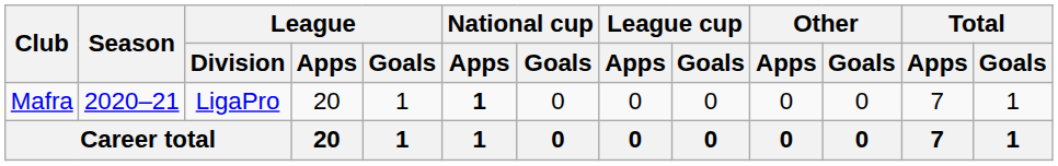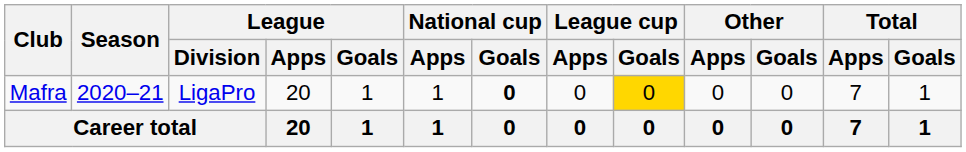 <table class="wikitable" style="text-align:center">
 <tr>
 <th rowspan="2">Club</th>
 <th rowspan="2">Season</th>
 <th colspan="3">League</th>
 <th colspan="2">National cup</th>
 <th colspan="2">League cup</th>
 <th colspan="2">Other</th>
 <th colspan="2">Total</th>
 </tr>
 <tr>
 <th>Division</th>
 <th>Apps</th>
 <th>Goals</th>
 <th>Apps</th>
 <th>Goals</th>
 <th>Apps</th>
 <th>Goals</th>
 <th>Apps</th>
 <th>Goals</th>
 <th>Apps</th>
 <th>Goals</th>
 </tr>
 <tr>
 <td><a href='#'>Mafra</a></td>
 <td><a href='#'>2020–21</a></td>
 <td><a href='#'>LigaPro</a></td>
 <td>20</td>
 <td>1</td>
-<td><strong>1</strong></td>
+<td>1</td>
+<td><strong>0</strong></td>
 <td>0</td>
-<td>0</td>
-<td>0</td>
+<td style="background: gold;">0</td>
 <td>0</td>
 <td>0</td>
 <td>7</td>
 <td>1</td>
 </tr>
 <tr>
 <th colspan="3">Career total</th>
 <th>20</th>
 <th>1</th>
 <th>1</th>
 <th>0</th>
 <th>0</th>
 <th>0</th>
 <th>0</th>
 <th>0</th>
 <th>7</th>
 <th>1</th>
 </tr>
 </table>
